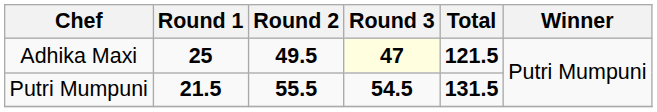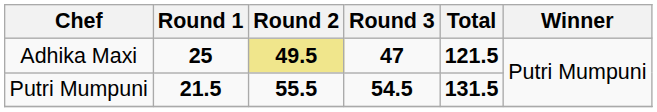 <table class="wikitable"  style="float:left; margin:auto; text-align:center;">
 <tr>
 <th>Chef</th>
 <th>Round 1</th>
 <th>Round 2</th>
 <th>Round 3</th>
 <th>Total</th>
 <th>Winner</th>
 </tr>
 <tr>
 <td>Adhika Maxi</td>
 <td><strong>25</strong></td>
-<td><strong>49.5</strong></td>
-<td style="background: lightyellow;"><strong>47</strong></td>
+<td style="background: khaki;"><strong>49.5</strong></td>
+<td><strong>47</strong></td>
 <td><strong>121.5</strong></td>
 <td rowspan=2>Putri Mumpuni</td>
 </tr>
 <tr>
 <td>Putri Mumpuni</td>
 <td><strong>21.5</strong></td>
 <td><strong>55.5</strong></td>
 <td><strong>54.5</strong></td>
 <td><strong>131.5</strong></td>
 </tr>
 <tr>
 </tr>
 </table>
